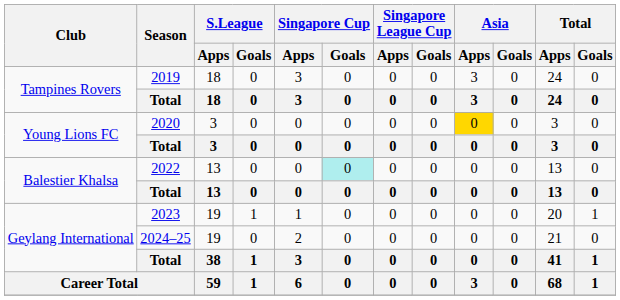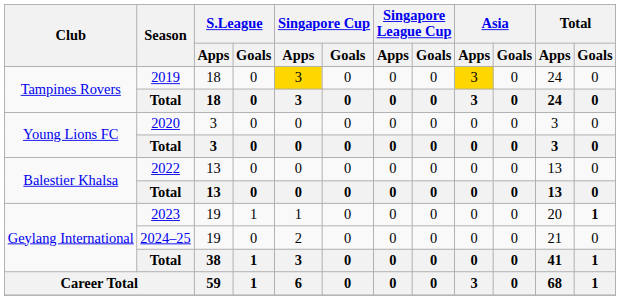 <table class="wikitable" style="text-align:center">
 <tr>
 <th rowspan="2">Club</th>
 <th rowspan="2">Season</th>
 <th colspan="2"><a href='#'>S.League</a></th>
 <th colspan="2"><a href='#'>Singapore Cup</a></th>
 <th colspan="2"><a href='#'>Singapore<br>League Cup</a></th>
 <th colspan="2"><a href='#'>Asia</a></th>
 <th colspan="2">Total</th>
 </tr>
 <tr>
 <th>Apps</th>
 <th>Goals</th>
 <th>Apps</th>
 <th>Goals</th>
 <th>Apps</th>
 <th>Goals</th>
 <th>Apps</th>
 <th>Goals</th>
 <th>Apps</th>
 <th>Goals</th>
 </tr>
 <tr>
 <td rowspan="2"><a href='#'>Tampines Rovers</a></td>
 <td><a href='#'>2019</a></td>
 <td>18</td>
 <td>0</td>
-<td>3</td>
+<td style="background: gold;">3</td>
 <td>0</td>
 <td>0</td>
 <td>0</td>
-<td>3</td>
+<td style="background: gold;">3</td>
 <td>0</td>
 <td>24</td>
 <td>0</td>
 </tr>
 <tr>
 <th>Total</th>
 <th>18</th>
 <th>0</th>
 <th>3</th>
 <th>0</th>
 <th>0</th>
 <th>0</th>
 <th>3</th>
 <th>0</th>
 <th>24</th>
 <th>0</th>
 </tr>
 <tr>
 <td rowspan="2"><a href='#'>Young Lions FC</a></td>
 <td><a href='#'>2020</a></td>
 <td>3</td>
 <td>0</td>
 <td>0</td>
 <td>0</td>
 <td>0</td>
 <td>0</td>
-<td style="background: gold;">0</td>
+<td>0</td>
 <td>0</td>
 <td>3</td>
 <td>0</td>
 </tr>
 <tr>
 <th>Total</th>
 <th>3</th>
 <th>0</th>
 <th>0</th>
 <th>0</th>
 <th>0</th>
 <th>0</th>
 <th>0</th>
 <th>0</th>
 <th>3</th>
 <th>0</th>
 </tr>
 <tr>
 <td rowspan="2"><a href='#'>Balestier Khalsa</a></td>
 <td><a href='#'>2022</a></td>
 <td>13</td>
 <td>0</td>
 <td>0</td>
-<td style="background: paleturquoise;">0</td>
+<td>0</td>
 <td>0</td>
 <td>0</td>
 <td>0</td>
 <td>0</td>
 <td>13</td>
 <td>0</td>
 </tr>
 <tr>
 <th>Total</th>
 <th>13</th>
 <th>0</th>
 <th>0</th>
 <th>0</th>
 <th>0</th>
 <th>0</th>
 <th>0</th>
 <th>0</th>
 <th>13</th>
 <th>0</th>
 </tr>
 <tr>
 <td rowspan="3"><a href='#'>Geylang International</a></td>
 <td><a href='#'>2023</a></td>
 <td>19</td>
 <td>1</td>
 <td>1</td>
 <td>0</td>
 <td>0</td>
 <td>0</td>
 <td>0</td>
 <td>0</td>
 <td>20</td>
-<td>1</td>
+<td><strong>1</strong></td>
 </tr>
 <tr>
 <td><a href='#'>2024–25</a></td>
 <td>19</td>
 <td>0</td>
 <td>2</td>
 <td>0</td>
 <td>0</td>
 <td>0</td>
 <td>0</td>
 <td>0</td>
 <td>21</td>
 <td>0</td>
 </tr>
 <tr>
 <th>Total</th>
 <th>38</th>
 <th>1</th>
 <th>3</th>
 <th>0</th>
 <th>0</th>
 <th>0</th>
 <th>0</th>
 <th>0</th>
 <th>41</th>
 <th>1</th>
 </tr>
 <tr>
 <th colspan="2">Career Total</th>
 <th>59</th>
 <th>1</th>
 <th>6</th>
 <th>0</th>
 <th>0</th>
 <th>0</th>
 <th>3</th>
 <th>0</th>
 <th>68</th>
 <th>1</th>
 </tr>
 <tr>
 </tr>
 </table>
